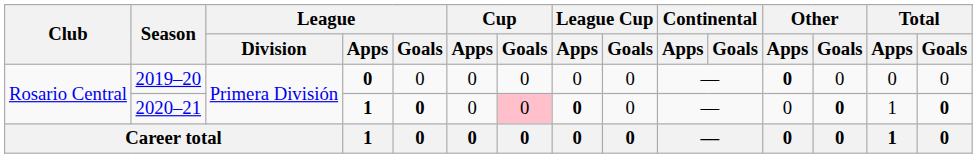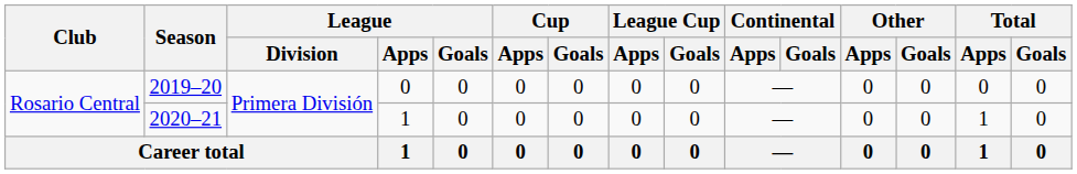 <table class="wikitable" style="text-align:center">
 <tr>
 <th rowspan="2">Club</th>
 <th rowspan="2">Season</th>
 <th colspan="3">League</th>
 <th colspan="2">Cup</th>
 <th colspan="2">League Cup</th>
 <th colspan="2">Continental</th>
 <th colspan="2">Other</th>
 <th colspan="2">Total</th>
 </tr>
 <tr>
 <th>Division</th>
 <th>Apps</th>
 <th>Goals</th>
 <th>Apps</th>
 <th>Goals</th>
 <th>Apps</th>
 <th>Goals</th>
 <th>Apps</th>
 <th>Goals</th>
 <th>Apps</th>
 <th>Goals</th>
 <th>Apps</th>
 <th>Goals</th>
 </tr>
 <tr>
 <td rowspan="2"><a href='#'>Rosario Central</a></td>
 <td><a href='#'>2019–20</a></td>
 <td rowspan="2"><a href='#'>Primera División</a></td>
-<td><strong>0</strong></td>
+<td>0</td>
 <td>0</td>
 <td>0</td>
 <td>0</td>
 <td>0</td>
 <td>0</td>
 <td colspan="2">—</td>
-<td><strong>0</strong></td>
+<td>0</td>
 <td>0</td>
 <td>0</td>
 <td>0</td>
 </tr>
 <tr>
 <td><a href='#'>2020–21</a></td>
-<td><strong>1</strong></td>
-<td><strong>0</strong></td>
+<td>1</td>
 <td>0</td>
-<td style="background: pink;">0</td>
-<td><strong>0</strong></td>
+<td>0</td>
+<td>0</td>
+<td>0</td>
 <td>0</td>
 <td colspan="2">—</td>
 <td>0</td>
-<td><strong>0</strong></td>
+<td>0</td>
 <td>1</td>
-<td><strong>0</strong></td>
+<td>0</td>
 </tr>
 <tr>
 <th colspan="3">Career total</th>
 <th>1</th>
 <th>0</th>
 <th>0</th>
 <th>0</th>
 <th>0</th>
 <th>0</th>
 <th colspan="2">—</th>
 <th>0</th>
 <th>0</th>
 <th>1</th>
 <th>0</th>
 </tr>
 </table>
